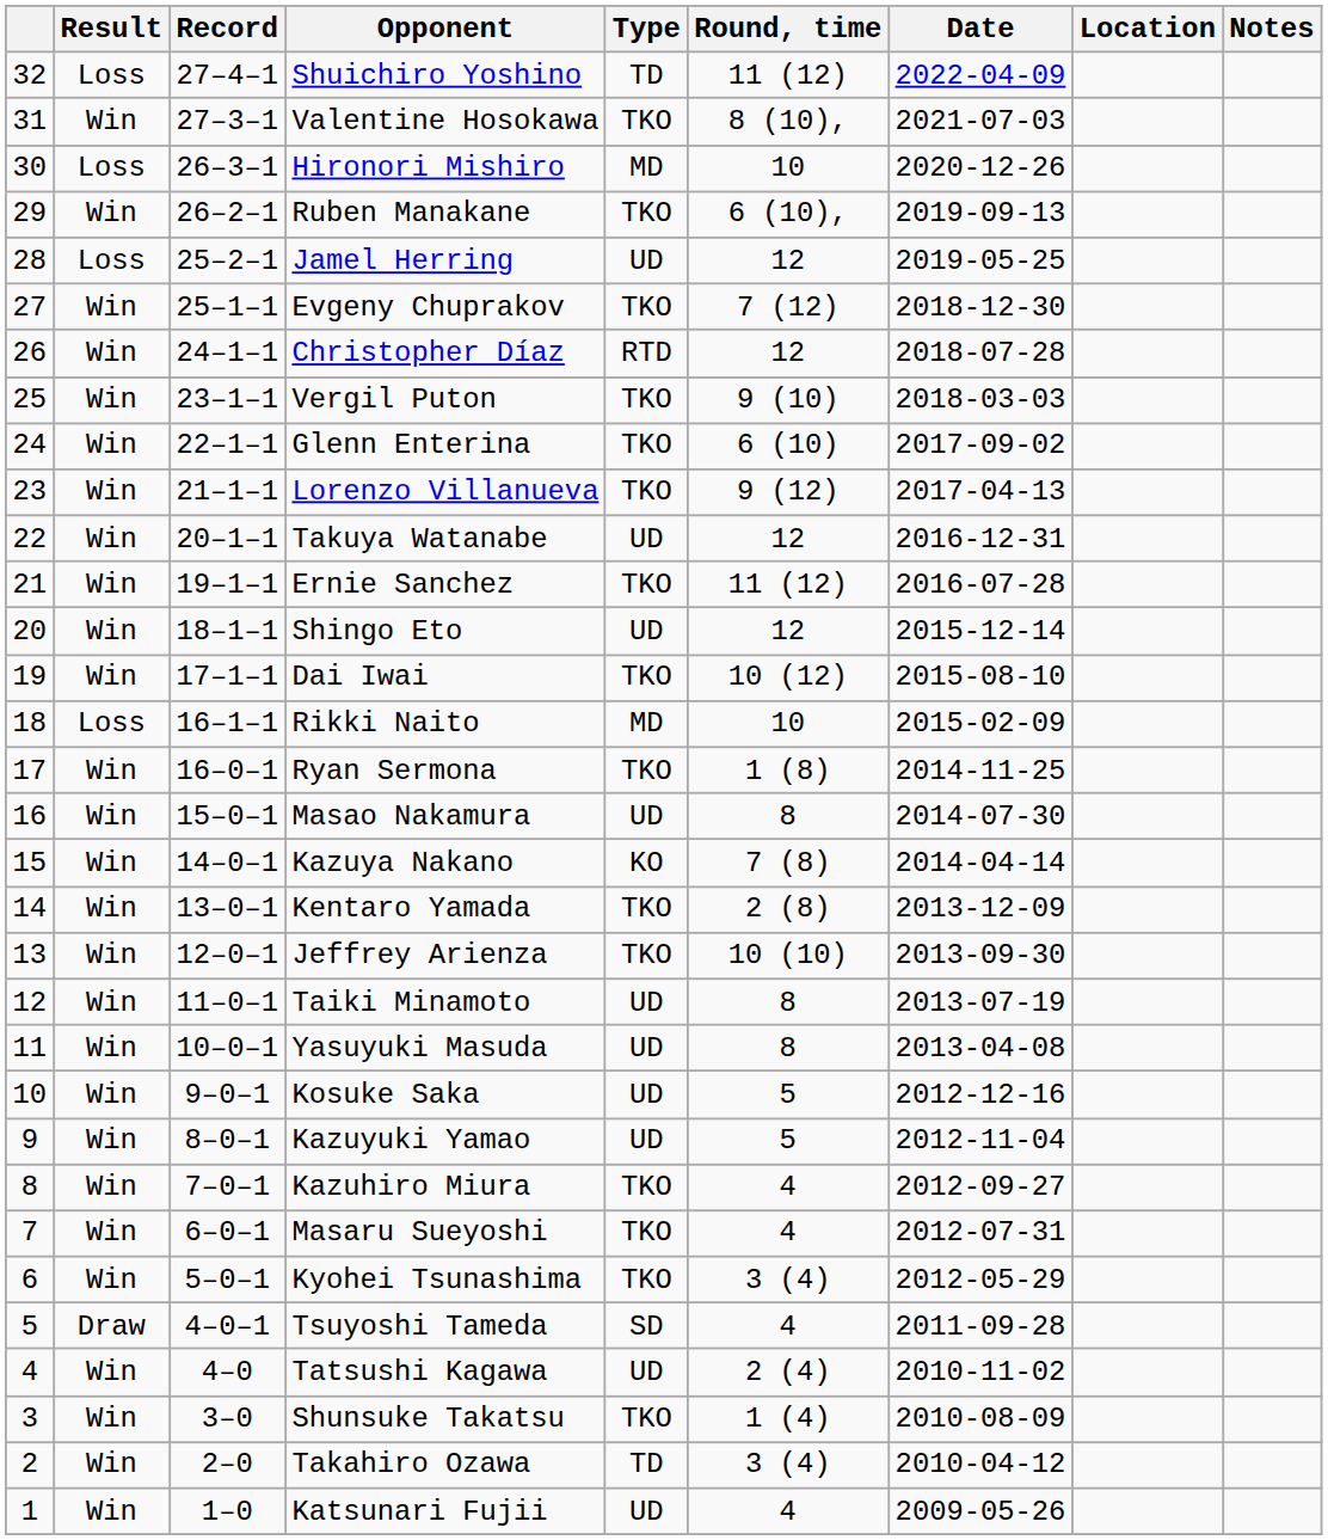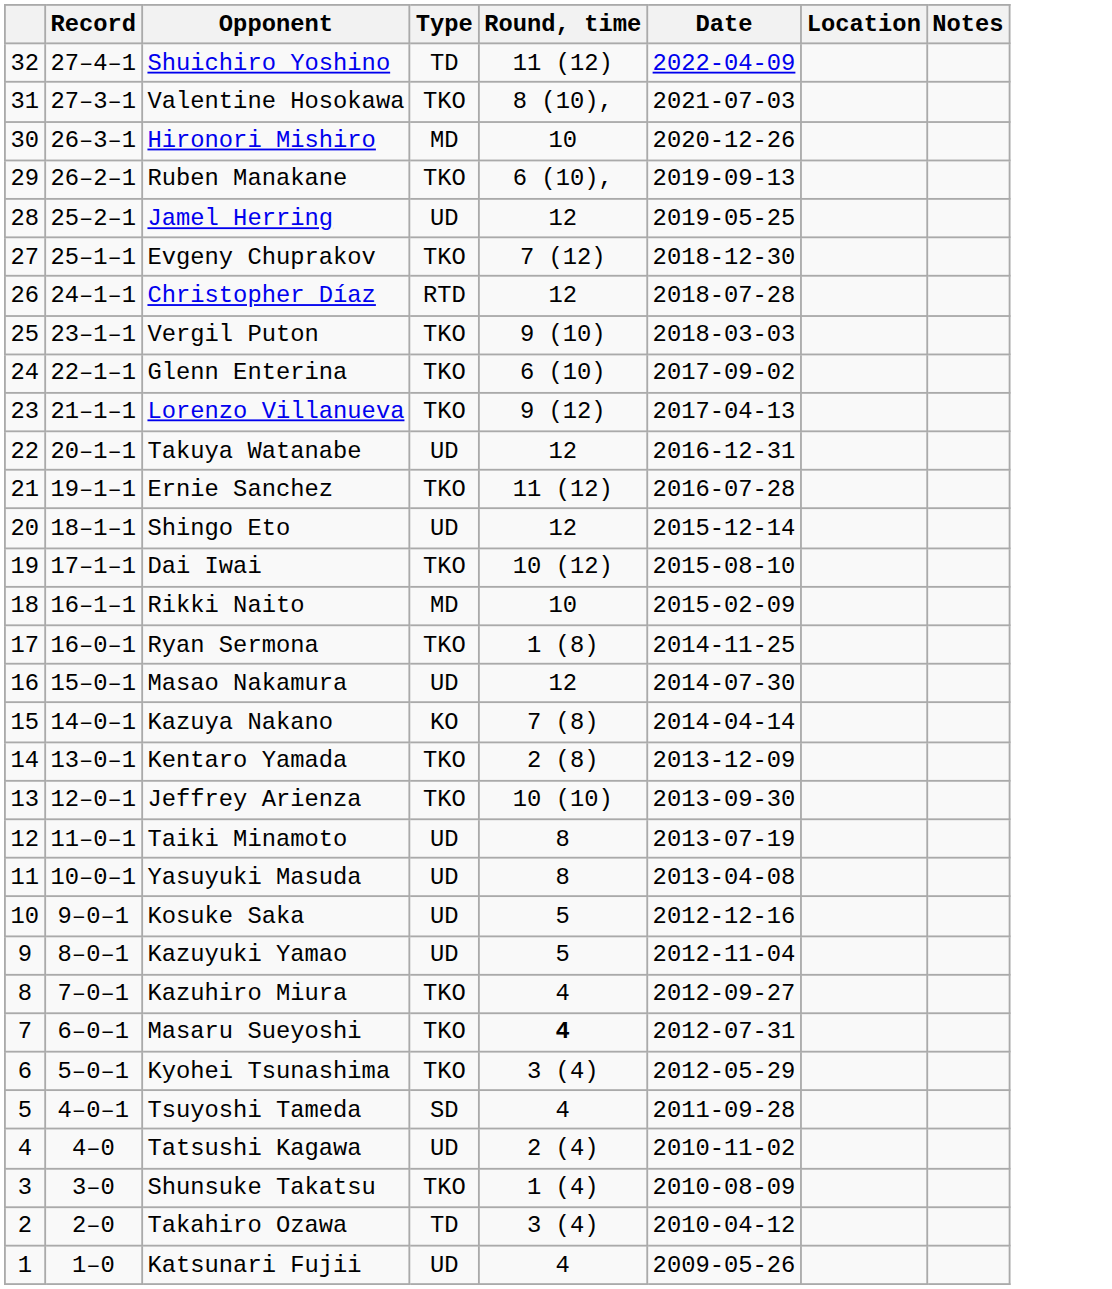 <table class="wikitable" style="text-align:center">
 <tr>
 <th></th>
-<th>Result</th>
 <th>Record</th>
 <th>Opponent</th>
 <th>Type</th>
 <th>Round, time</th>
 <th>Date</th>
 <th>Location</th>
 <th>Notes</th>
 </tr>
 <tr>
 <td>32</td>
-<td>Loss</td>
 <td>27–4–1</td>
 <td align=left><a href='#'>Shuichiro Yoshino</a></td>
 <td>TD</td>
 <td>11 (12)</td>
 <td><a href='#'>2022-04-09</a></td>
 <td align=left></td>
 <td align=left></td>
 </tr>
 <tr>
 <td>31</td>
-<td>Win</td>
 <td>27–3–1</td>
 <td align=left>Valentine Hosokawa</td>
 <td>TKO</td>
 <td>8 (10), </td>
 <td>2021-07-03</td>
 <td align=left></td>
 <td align=left></td>
 </tr>
 <tr>
 <td>30</td>
-<td>Loss</td>
 <td>26–3–1</td>
 <td align=left><a href='#'>Hironori Mishiro</a></td>
 <td>MD</td>
 <td>10</td>
 <td>2020-12-26</td>
 <td align=left></td>
 <td align=left></td>
 </tr>
 <tr>
 <td>29</td>
-<td>Win</td>
 <td>26–2–1</td>
 <td align=left>Ruben Manakane</td>
 <td>TKO</td>
 <td>6 (10), </td>
 <td>2019-09-13</td>
 <td align=left></td>
 <td align=left></td>
 </tr>
 <tr>
 <td>28</td>
-<td>Loss</td>
 <td>25–2–1</td>
 <td align=left><a href='#'>Jamel Herring</a></td>
 <td>UD</td>
 <td>12</td>
 <td>2019-05-25</td>
 <td align=left></td>
 <td align=left></td>
 </tr>
 <tr>
 <td>27</td>
-<td>Win</td>
 <td>25–1–1</td>
 <td align=left>Evgeny Chuprakov</td>
 <td>TKO</td>
 <td>7 (12)</td>
 <td>2018-12-30</td>
 <td align=left></td>
 <td align=left></td>
 </tr>
 <tr>
 <td>26</td>
-<td>Win</td>
 <td>24–1–1</td>
 <td align=left><a href='#'>Christopher Díaz</a></td>
 <td>RTD</td>
 <td>12</td>
 <td>2018-07-28</td>
 <td align=left></td>
 <td align=left></td>
 </tr>
 <tr>
 <td>25</td>
-<td>Win</td>
 <td>23–1–1</td>
 <td align=left>Vergil Puton</td>
 <td>TKO</td>
 <td>9 (10)</td>
 <td>2018-03-03</td>
 <td align=left></td>
 <td align=left></td>
 </tr>
 <tr>
 <td>24</td>
-<td>Win</td>
 <td>22–1–1</td>
 <td align=left>Glenn Enterina</td>
 <td>TKO</td>
 <td>6 (10)</td>
 <td>2017-09-02</td>
 <td align=left></td>
 <td align=left></td>
 </tr>
 <tr>
 <td>23</td>
-<td>Win</td>
 <td>21–1–1</td>
 <td align=left><a href='#'>Lorenzo Villanueva</a></td>
 <td>TKO</td>
 <td>9 (12)</td>
 <td>2017-04-13</td>
 <td align=left></td>
 <td align=left></td>
 </tr>
 <tr>
 <td>22</td>
-<td>Win</td>
 <td>20–1–1</td>
 <td align=left>Takuya Watanabe</td>
 <td>UD</td>
 <td>12</td>
 <td>2016-12-31</td>
 <td align=left></td>
 <td align=left></td>
 </tr>
 <tr>
 <td>21</td>
-<td>Win</td>
 <td>19–1–1</td>
 <td align=left>Ernie Sanchez</td>
 <td>TKO</td>
 <td>11 (12)</td>
 <td>2016-07-28</td>
 <td align=left></td>
 <td align=left></td>
 </tr>
 <tr>
 <td>20</td>
-<td>Win</td>
 <td>18–1–1</td>
 <td align=left>Shingo Eto</td>
 <td>UD</td>
 <td>12</td>
 <td>2015-12-14</td>
 <td align=left></td>
 <td align=left></td>
 </tr>
 <tr>
 <td>19</td>
-<td>Win</td>
 <td>17–1–1</td>
 <td align=left>Dai Iwai</td>
 <td>TKO</td>
 <td>10 (12)</td>
 <td>2015-08-10</td>
 <td align=left></td>
 <td align=left></td>
 </tr>
 <tr>
 <td>18</td>
-<td>Loss</td>
 <td>16–1–1</td>
 <td align=left>Rikki Naito</td>
 <td>MD</td>
 <td>10</td>
 <td>2015-02-09</td>
 <td align=left></td>
 <td align=left></td>
 </tr>
 <tr>
 <td>17</td>
-<td>Win</td>
 <td>16–0–1</td>
 <td align=left>Ryan Sermona</td>
 <td>TKO</td>
 <td>1 (8)</td>
 <td>2014-11-25</td>
 <td align=left></td>
 <td align=left></td>
 </tr>
 <tr>
 <td>16</td>
-<td>Win</td>
 <td>15–0–1</td>
 <td align=left>Masao Nakamura</td>
 <td>UD</td>
-<td>8</td>
+<td>12</td>
 <td>2014-07-30</td>
 <td align=left></td>
 <td align=left></td>
 </tr>
 <tr>
 <td>15</td>
-<td>Win</td>
 <td>14–0–1</td>
 <td align=left>Kazuya Nakano</td>
 <td>KO</td>
 <td>7 (8)</td>
 <td>2014-04-14</td>
 <td align=left></td>
 <td align=left></td>
 </tr>
 <tr>
 <td>14</td>
-<td>Win</td>
 <td>13–0–1</td>
 <td align=left>Kentaro Yamada</td>
 <td>TKO</td>
 <td>2 (8)</td>
 <td>2013-12-09</td>
 <td align=left></td>
 <td align=left></td>
 </tr>
 <tr>
 <td>13</td>
-<td>Win</td>
 <td>12–0–1</td>
 <td align=left>Jeffrey Arienza</td>
 <td>TKO</td>
 <td>10 (10)</td>
 <td>2013-09-30</td>
 <td align=left></td>
 <td align=left></td>
 </tr>
 <tr>
 <td>12</td>
-<td>Win</td>
 <td>11–0–1</td>
 <td align=left>Taiki Minamoto</td>
 <td>UD</td>
 <td>8</td>
 <td>2013-07-19</td>
 <td align=left></td>
 <td align=left></td>
 </tr>
 <tr>
 <td>11</td>
-<td>Win</td>
 <td>10–0–1</td>
 <td align=left>Yasuyuki Masuda</td>
 <td>UD</td>
 <td>8</td>
 <td>2013-04-08</td>
 <td align=left></td>
 <td align=left></td>
 </tr>
 <tr>
 <td>10</td>
-<td>Win</td>
 <td>9–0–1</td>
 <td align=left>Kosuke Saka</td>
 <td>UD</td>
 <td>5</td>
 <td>2012-12-16</td>
 <td align=left></td>
 <td align=left></td>
 </tr>
 <tr>
 <td>9</td>
-<td>Win</td>
 <td>8–0–1</td>
 <td align=left>Kazuyuki Yamao</td>
 <td>UD</td>
 <td>5</td>
 <td>2012-11-04</td>
 <td align=left></td>
 <td align=left></td>
 </tr>
 <tr>
 <td>8</td>
-<td>Win</td>
 <td>7–0–1</td>
 <td align=left>Kazuhiro Miura</td>
 <td>TKO</td>
 <td>4</td>
 <td>2012-09-27</td>
 <td align=left></td>
 <td align=left></td>
 </tr>
 <tr>
 <td>7</td>
-<td>Win</td>
 <td>6–0–1</td>
 <td align=left>Masaru Sueyoshi</td>
 <td>TKO</td>
-<td>4</td>
+<td><strong>4</strong></td>
 <td>2012-07-31</td>
 <td align=left></td>
 <td align=left></td>
 </tr>
 <tr>
 <td>6</td>
-<td>Win</td>
 <td>5–0–1</td>
 <td align=left>Kyohei Tsunashima</td>
 <td>TKO</td>
 <td>3 (4)</td>
 <td>2012-05-29</td>
 <td align=left></td>
 <td align=left></td>
 </tr>
 <tr>
 <td>5</td>
-<td>Draw</td>
 <td>4–0–1</td>
 <td align=left>Tsuyoshi Tameda</td>
 <td>SD</td>
 <td>4</td>
 <td>2011-09-28</td>
 <td align=left></td>
 <td align=left></td>
 </tr>
 <tr>
 <td>4</td>
-<td>Win</td>
 <td>4–0</td>
 <td align=left>Tatsushi Kagawa</td>
 <td>UD</td>
 <td>2 (4)</td>
 <td>2010-11-02</td>
 <td align=left></td>
 <td align=left></td>
 </tr>
 <tr>
 <td>3</td>
-<td>Win</td>
 <td>3–0</td>
 <td align=left>Shunsuke Takatsu</td>
 <td>TKO</td>
 <td>1 (4)</td>
 <td>2010-08-09</td>
 <td align=left></td>
 <td align=left></td>
 </tr>
 <tr>
 <td>2</td>
-<td>Win</td>
 <td>2–0</td>
 <td align=left>Takahiro Ozawa</td>
 <td>TD</td>
 <td>3 (4)</td>
 <td>2010-04-12</td>
 <td align=left></td>
 <td align=left></td>
 </tr>
 <tr>
 <td>1</td>
-<td>Win</td>
 <td>1–0</td>
 <td align=left>Katsunari Fujii</td>
 <td>UD</td>
 <td>4</td>
 <td>2009-05-26</td>
 <td align=left> </td>
 <td align=left></td>
 </tr>
 </table>
